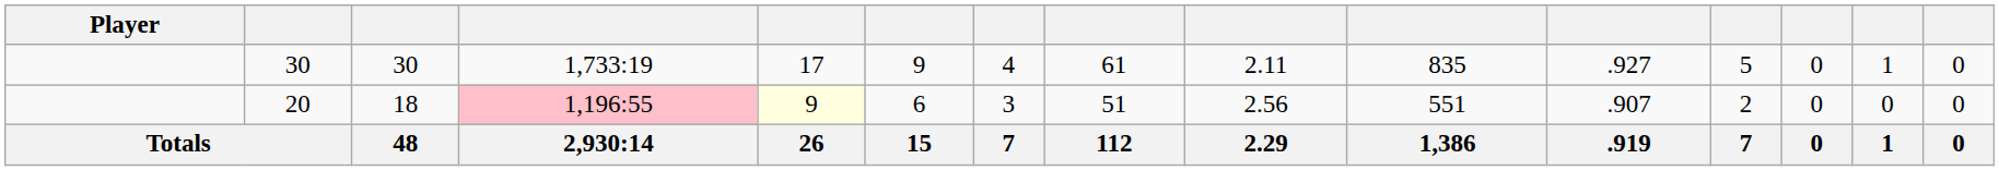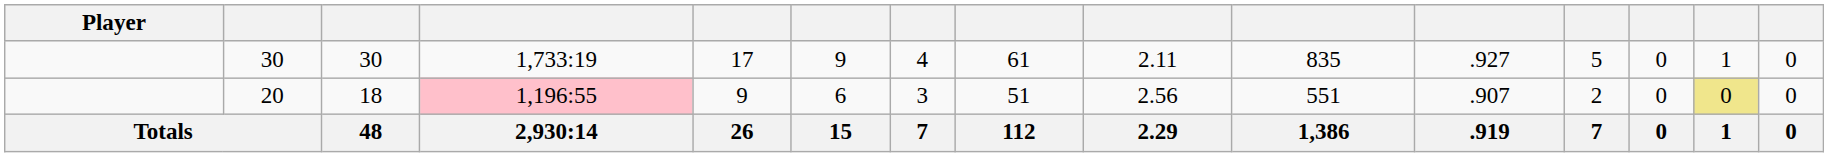 <table class="wikitable sortable" style="width:100%;">
 <tr style="text-align:center; background:#ddd;">
 <th>Player</th>
 <th></th>
 <th></th>
 <th></th>
 <th></th>
 <th></th>
 <th></th>
 <th></th>
 <th></th>
 <th></th>
 <th></th>
 <th></th>
 <th></th>
 <th></th>
 <th></th>
 </tr>
 <tr align=center>
 <td style=white-space:nowrap></td>
 <td>30</td>
 <td>30</td>
 <td>1,733:19</td>
 <td>17</td>
 <td>9</td>
 <td>4</td>
 <td>61</td>
 <td>2.11</td>
 <td>835</td>
 <td>.927</td>
 <td>5</td>
 <td>0</td>
 <td>1</td>
 <td>0</td>
 </tr>
 <tr align=center>
 <td style=white-space:nowrap></td>
 <td>20</td>
 <td>18</td>
 <td style="background: pink;">1,196:55</td>
-<td style="background: lightyellow;">9</td>
+<td>9</td>
 <td>6</td>
 <td>3</td>
 <td>51</td>
 <td>2.56</td>
 <td>551</td>
 <td>.907</td>
 <td>2</td>
 <td>0</td>
-<td>0</td>
+<td style="background: khaki;">0</td>
 <td>0</td>
 </tr>
 <tr class="unsortable">
 <th colspan=2>Totals</th>
 <th>48</th>
 <th>2,930:14</th>
 <th>26</th>
 <th>15</th>
 <th>7</th>
 <th>112</th>
 <th>2.29</th>
 <th>1,386</th>
 <th>.919</th>
 <th>7</th>
 <th>0</th>
 <th>1</th>
 <th>0</th>
 </tr>
 </table>
